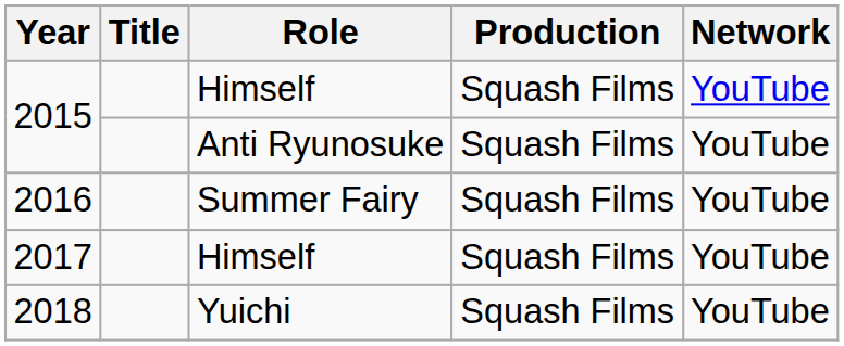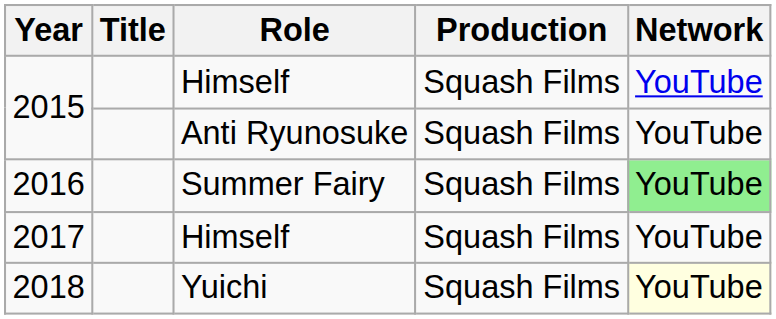 <table class="wikitable plainrowheaders">
 <tr>
 <th>Year</th>
 <th>Title</th>
 <th>Role</th>
 <th>Production</th>
 <th>Network</th>
 </tr>
 <tr>
 <td rowspan="2">2015</td>
 <td><strong></strong></td>
 <td>Himself</td>
 <td>Squash Films</td>
 <td><a href='#'>YouTube</a></td>
 </tr>
 <tr>
 <td><strong></strong></td>
 <td>Anti Ryunosuke</td>
 <td>Squash Films</td>
 <td>YouTube</td>
 </tr>
 <tr>
 <td>2016</td>
 <td><strong></strong></td>
 <td>Summer Fairy</td>
 <td>Squash Films</td>
-<td>YouTube</td>
+<td style="background: lightgreen;">YouTube</td>
 </tr>
 <tr>
 <td>2017</td>
 <td><strong></strong></td>
 <td>Himself</td>
 <td>Squash Films</td>
 <td>YouTube</td>
 </tr>
 <tr>
 <td>2018</td>
 <td><strong></strong></td>
 <td>Yuichi</td>
 <td>Squash Films</td>
-<td>YouTube</td>
+<td style="background: lightyellow;">YouTube</td>
 </tr>
 </table>
